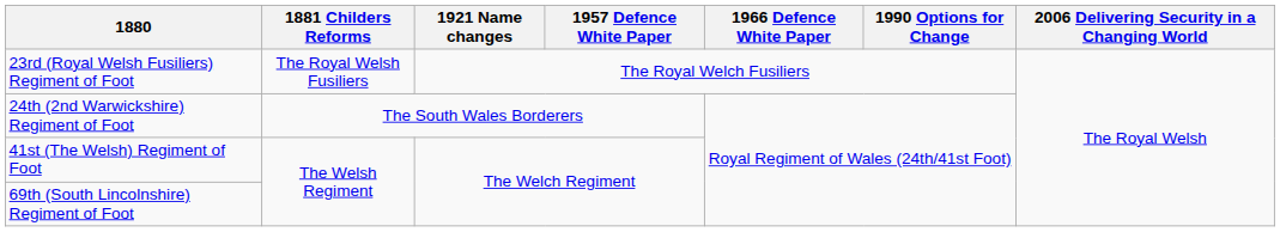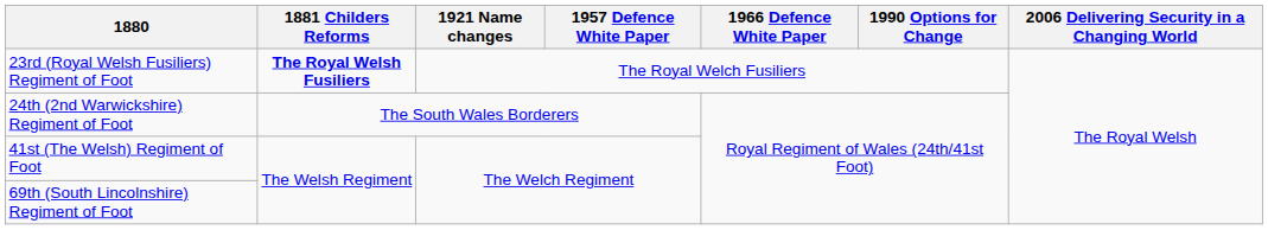 <table class="wikitable">
 <tr>
 <th>1880</th>
 <th>1881 <a href='#'>Childers Reforms</a></th>
 <th>1921 Name changes</th>
 <th>1957 <a href='#'>Defence White Paper</a></th>
 <th>1966 <a href='#'>Defence White Paper</a></th>
 <th>1990 <a href='#'>Options for Change</a></th>
 <th>2006 <a href='#'>Delivering Security in a Changing World</a></th>
 </tr>
 <tr>
 <td><a href='#'>23rd (Royal Welsh Fusiliers) Regiment of Foot</a></td>
-<td style="text-align:center;"><a href='#'>The Royal Welsh Fusiliers</a></td>
+<td style="text-align:center;"><strong><a href='#'>The Royal Welsh Fusiliers</a></strong></td>
 <td colspan="4" style="text-align:center;"><a href='#'>The Royal Welch Fusiliers</a></td>
 <td rowspan="4" style="text-align:center;"><a href='#'>The Royal Welsh</a></td>
 </tr>
 <tr>
 <td><a href='#'>24th (2nd Warwickshire) Regiment of Foot</a></td>
 <td colspan="3" style="text-align:center;"><a href='#'>The South Wales Borderers</a></td>
 <td rowspan="3" colspan="2" style="text-align: center;"><a href='#'>Royal Regiment of Wales (24th/41st Foot)</a></td>
 </tr>
 <tr>
 <td><a href='#'>41st (The Welsh) Regiment of Foot</a></td>
 <td rowspan="2" style="text-align:center;"><a href='#'>The Welsh Regiment</a></td>
 <td rowspan="2" colspan="2" style="text-align: center;"><a href='#'>The Welch Regiment</a></td>
 </tr>
 <tr>
 <td><a href='#'>69th (South Lincolnshire) Regiment of Foot</a></td>
 </tr>
 </table>
